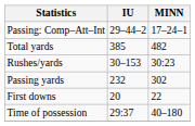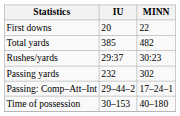 <table class="wikitable" style="float: left;">
 <tr>
 <th>Statistics</th>
 <th>IU</th>
 <th>MINN</th>
 </tr>
 <tr>
-<td>Passing: Comp–Att–Int</td>
-<td>29–44–2</td>
-<td>17–24–1</td>
+<td>First downs</td>
+<td>20</td>
+<td>22</td>
 </tr>
 <tr>
 <td>Total yards</td>
 <td>385</td>
 <td>482</td>
 </tr>
 <tr>
 <td>Rushes/yards</td>
-<td>30–153</td>
+<td>29:37</td>
 <td>30:23</td>
 </tr>
 <tr>
 <td>Passing yards</td>
 <td>232</td>
 <td>302</td>
 </tr>
 <tr>
-<td>First downs</td>
-<td>20</td>
-<td>22</td>
+<td>Passing: Comp–Att–Int</td>
+<td>29–44–2</td>
+<td>17–24–1</td>
 </tr>
 <tr>
 <td>Time of possession</td>
-<td>29:37</td>
+<td>30–153</td>
 <td>40–180</td>
 </tr>
 <tr>
 </tr>
 </table>
